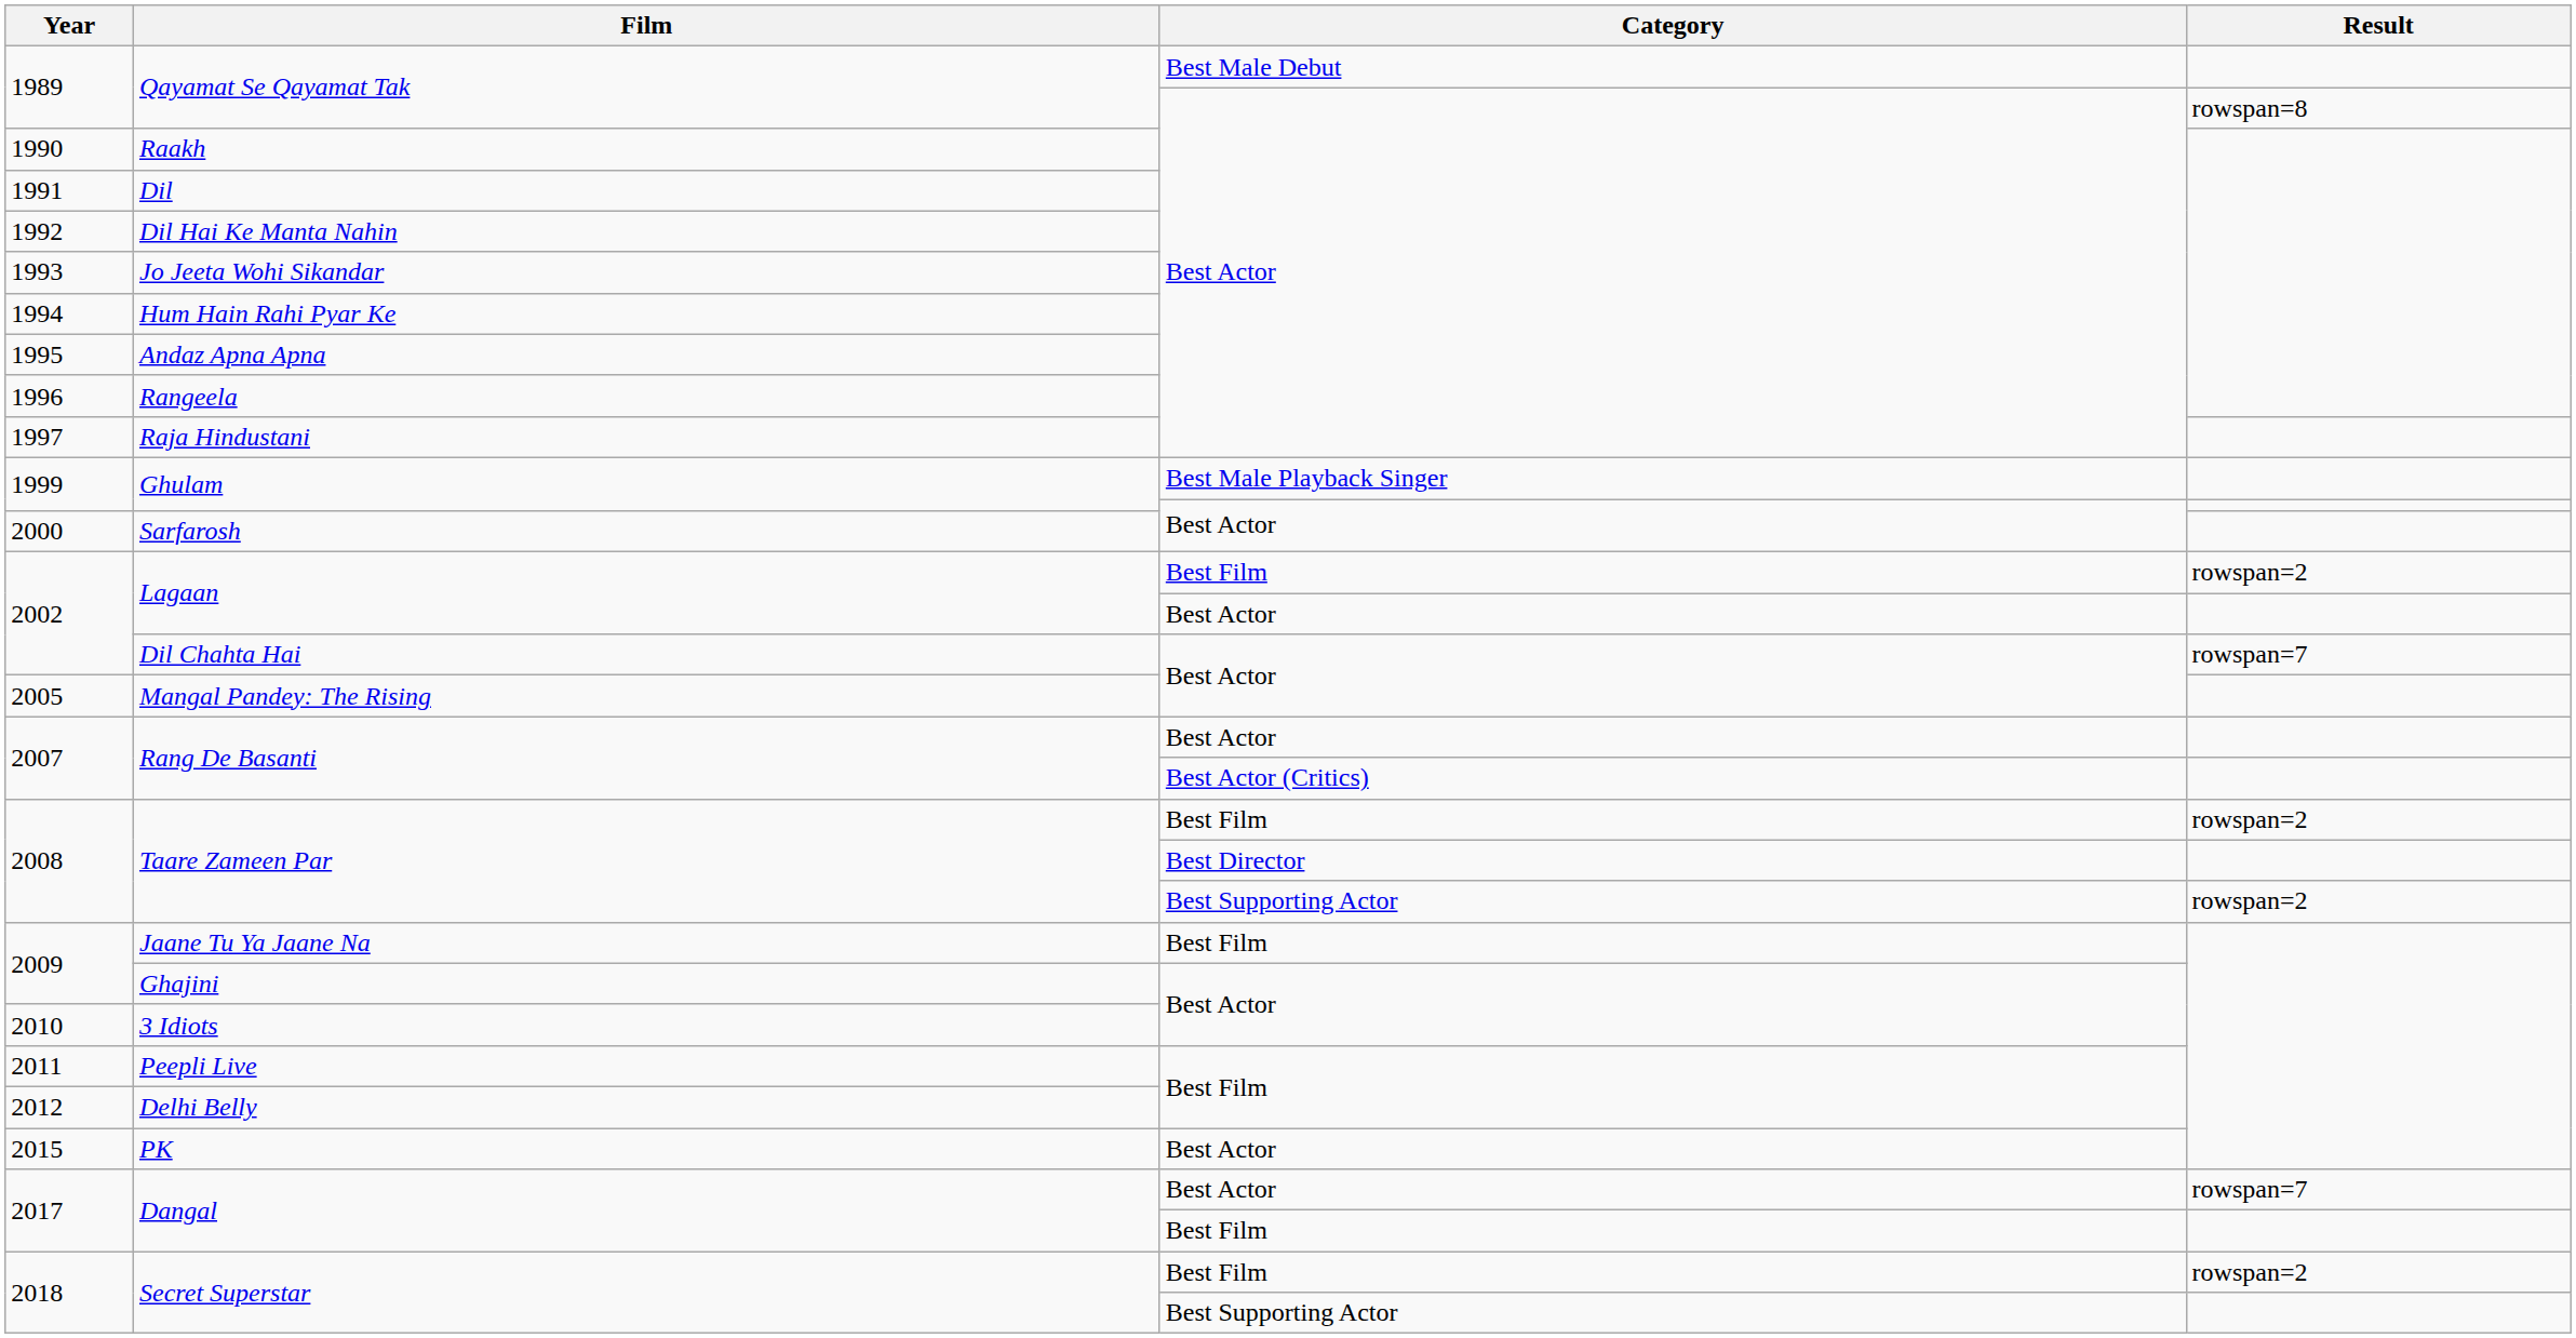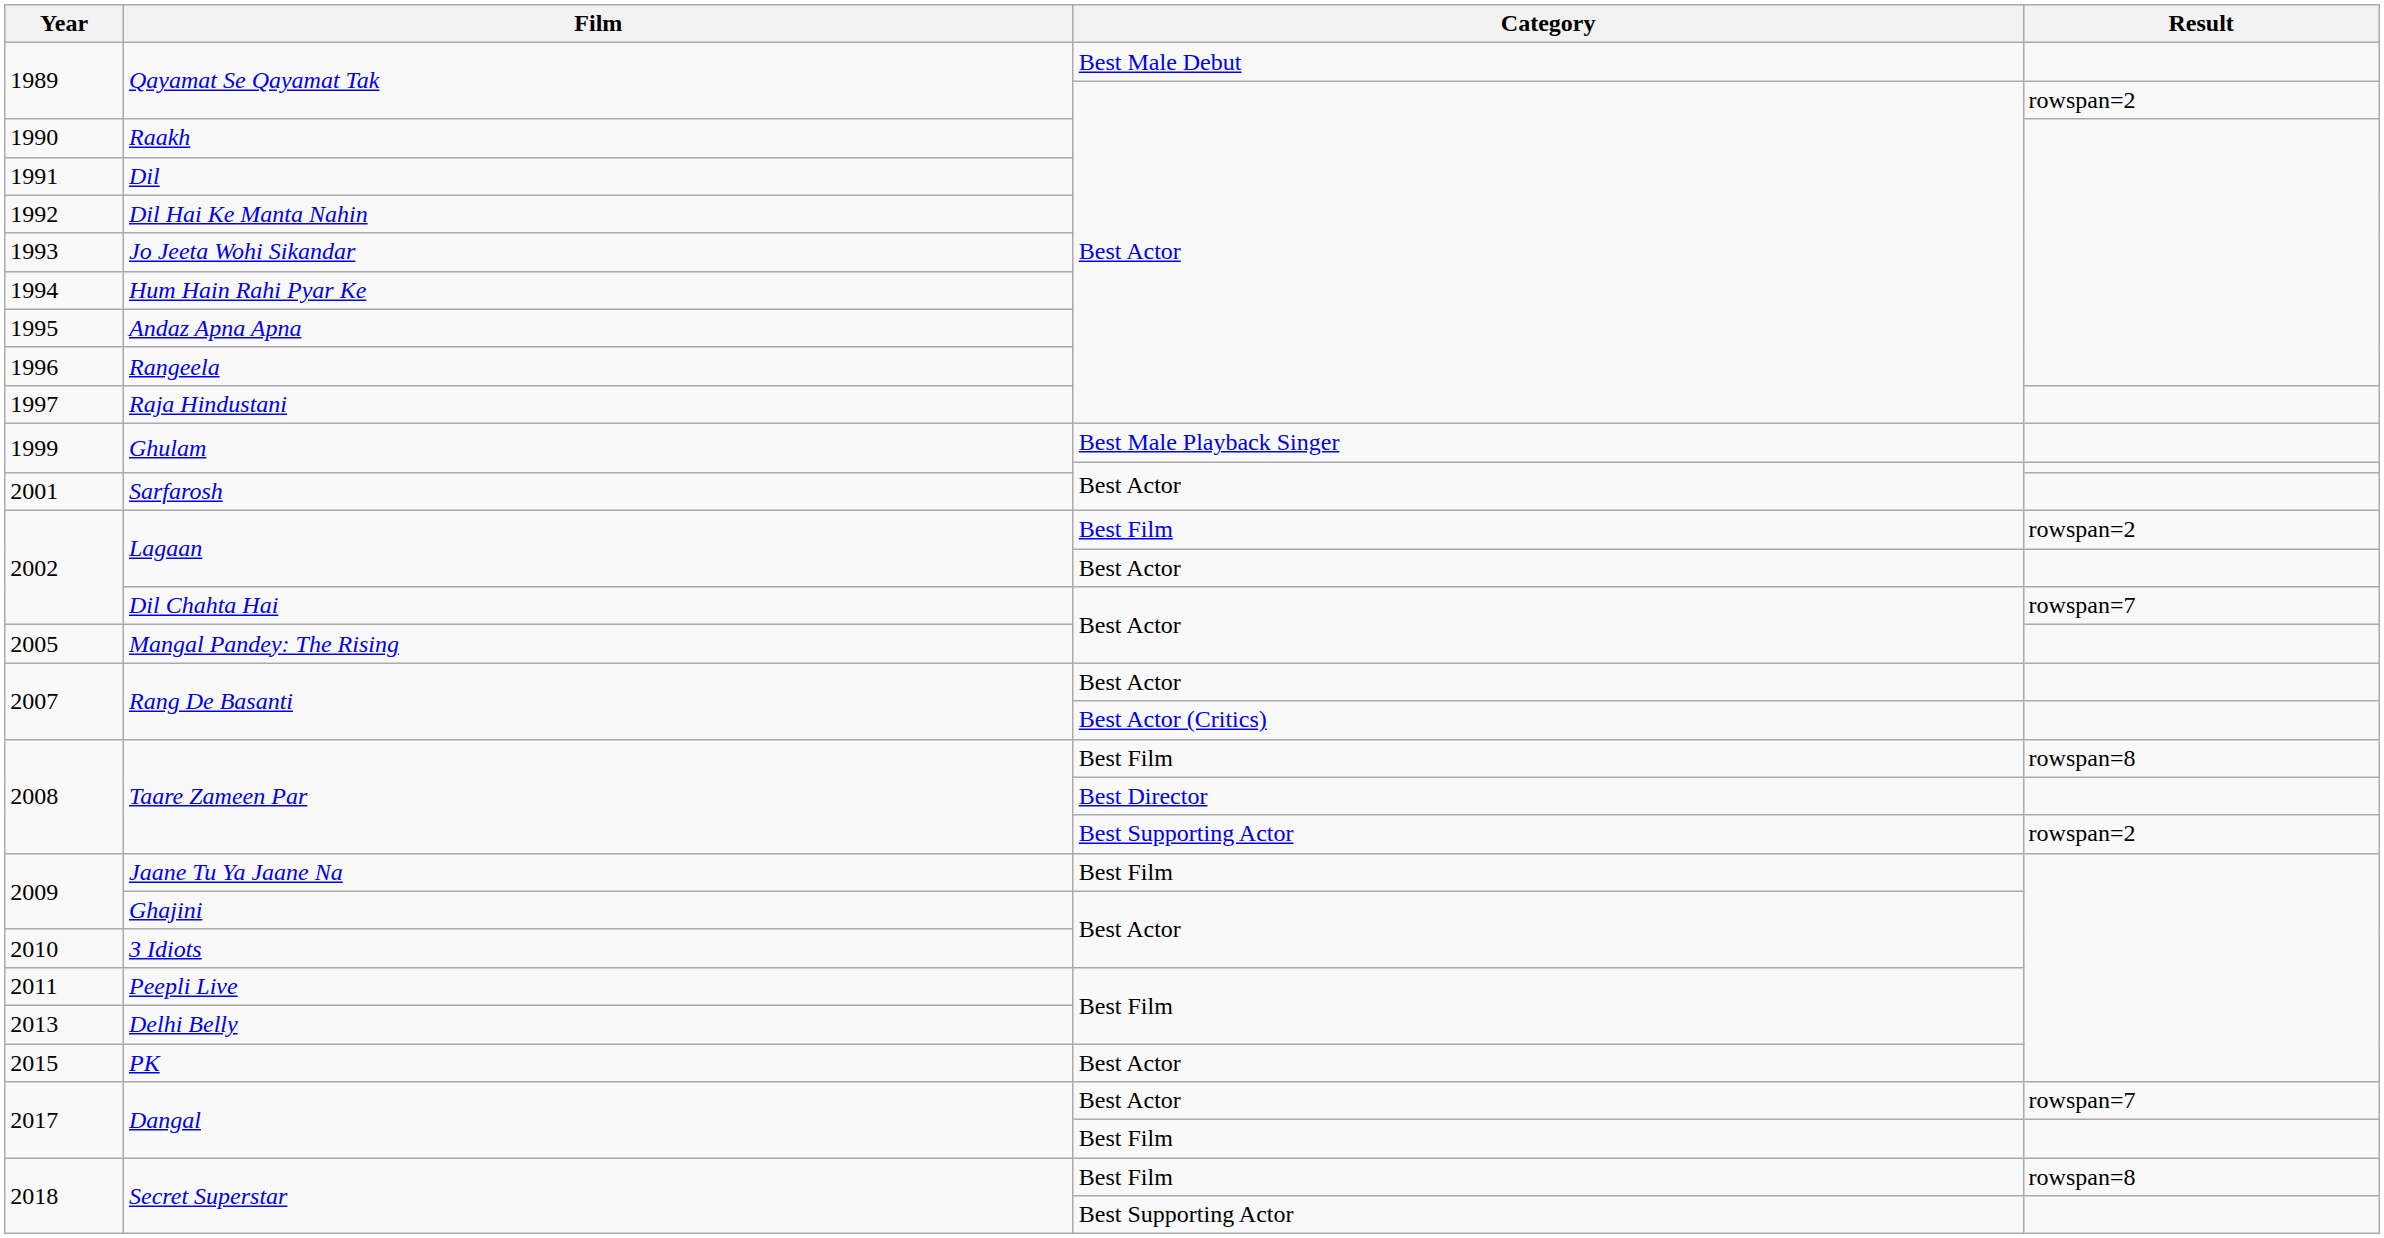 <table class="wikitable sortable" style="width:100%;">
 <tr>
 <th width=5%>Year</th>
 <th style="width:40%;">Film</th>
 <th style="width:40%;">Category</th>
 <th style="width:15%;">Result</th>
 </tr>
 <tr>
 <td rowspan="2">1989</td>
 <td rowspan="2"><em><a href='#'>Qayamat Se Qayamat Tak</a></em></td>
 <td><a href='#'>Best Male Debut</a></td>
 <td></td>
 </tr>
 <tr>
 <td rowspan="9"><a href='#'>Best Actor</a></td>
-<td>rowspan=8 </td>
+<td>rowspan=2 </td>
 </tr>
 <tr>
 <td>1990</td>
 <td><em><a href='#'>Raakh</a></em></td>
 </tr>
 <tr>
 <td>1991</td>
 <td><em><a href='#'>Dil</a> </em></td>
 </tr>
 <tr>
 <td>1992</td>
 <td><em><a href='#'>Dil Hai Ke Manta Nahin</a></em></td>
 </tr>
 <tr>
 <td>1993</td>
 <td><em><a href='#'>Jo Jeeta Wohi Sikandar</a></em></td>
 </tr>
 <tr>
 <td>1994</td>
 <td><em><a href='#'>Hum Hain Rahi Pyar Ke</a></em></td>
 </tr>
 <tr>
 <td>1995</td>
 <td><em><a href='#'>Andaz Apna Apna</a></em></td>
 </tr>
 <tr>
 <td>1996</td>
 <td><em><a href='#'>Rangeela</a></em></td>
 </tr>
 <tr>
 <td>1997</td>
 <td><em><a href='#'>Raja Hindustani</a></em></td>
 <td></td>
 </tr>
 <tr>
 <td rowspan="2">1999</td>
 <td rowspan="2"><em><a href='#'>Ghulam</a></em></td>
 <td><a href='#'>Best Male Playback Singer</a></td>
 <td></td>
 </tr>
 <tr>
 <td rowspan="2">Best Actor</td>
 <td></td>
 </tr>
 <tr>
-<td>2000</td>
+<td>2001</td>
 <td><em><a href='#'>Sarfarosh</a></em></td>
 <td></td>
 </tr>
 <tr>
 <td rowspan="3">2002</td>
 <td rowspan="2"><em><a href='#'>Lagaan</a></em></td>
 <td><a href='#'>Best Film</a></td>
 <td>rowspan=2 </td>
 </tr>
 <tr>
 <td>Best Actor</td>
 </tr>
 <tr>
 <td><em><a href='#'>Dil Chahta Hai</a></em></td>
 <td rowspan=2>Best Actor</td>
 <td>rowspan=7 </td>
 </tr>
 <tr>
 <td>2005</td>
 <td><em><a href='#'>Mangal Pandey: The Rising</a></em></td>
 </tr>
 <tr>
 <td rowspan="2">2007</td>
 <td rowspan="2"><em><a href='#'>Rang De Basanti</a></em></td>
 <td>Best Actor</td>
 <td></td>
 </tr>
 <tr>
 <td><a href='#'>Best Actor (Critics)</a></td>
 <td></td>
 </tr>
 <tr>
 <td rowspan="3">2008</td>
 <td rowspan="3"><em><a href='#'>Taare Zameen Par</a></em></td>
 <td>Best Film</td>
-<td>rowspan=2 </td>
+<td>rowspan=8 </td>
 </tr>
 <tr>
 <td><a href='#'>Best Director</a></td>
 </tr>
 <tr>
 <td><a href='#'>Best Supporting Actor</a></td>
 <td>rowspan=2 </td>
 </tr>
 <tr>
 <td rowspan="2">2009</td>
 <td><em><a href='#'>Jaane Tu Ya Jaane Na</a></em></td>
 <td>Best Film</td>
 </tr>
 <tr>
 <td><a href='#'><em>Ghajini</em></a></td>
 <td rowspan="2">Best Actor</td>
 </tr>
 <tr>
 <td>2010</td>
 <td><em><a href='#'>3 Idiots</a></em></td>
 </tr>
 <tr>
 <td>2011</td>
 <td><em><a href='#'>Peepli Live</a></em></td>
 <td rowspan="2">Best Film</td>
 </tr>
 <tr>
-<td>2012</td>
+<td>2013</td>
 <td><em><a href='#'>Delhi Belly</a></em></td>
 </tr>
 <tr>
 <td>2015</td>
 <td><em><a href='#'>PK</a></em></td>
 <td>Best Actor</td>
 </tr>
 <tr>
 <td rowspan="2">2017</td>
 <td rowspan="2"><em><a href='#'>Dangal</a></em></td>
 <td>Best Actor</td>
 <td>rowspan=7 </td>
 </tr>
 <tr>
 <td>Best Film</td>
 </tr>
 <tr>
 <td rowspan="2">2018</td>
 <td rowspan=2><em><a href='#'>Secret Superstar</a></em></td>
 <td>Best Film</td>
-<td>rowspan=2 </td>
+<td>rowspan=8 </td>
 </tr>
 <tr>
 <td>Best Supporting Actor</td>
 </tr>
 </table>
